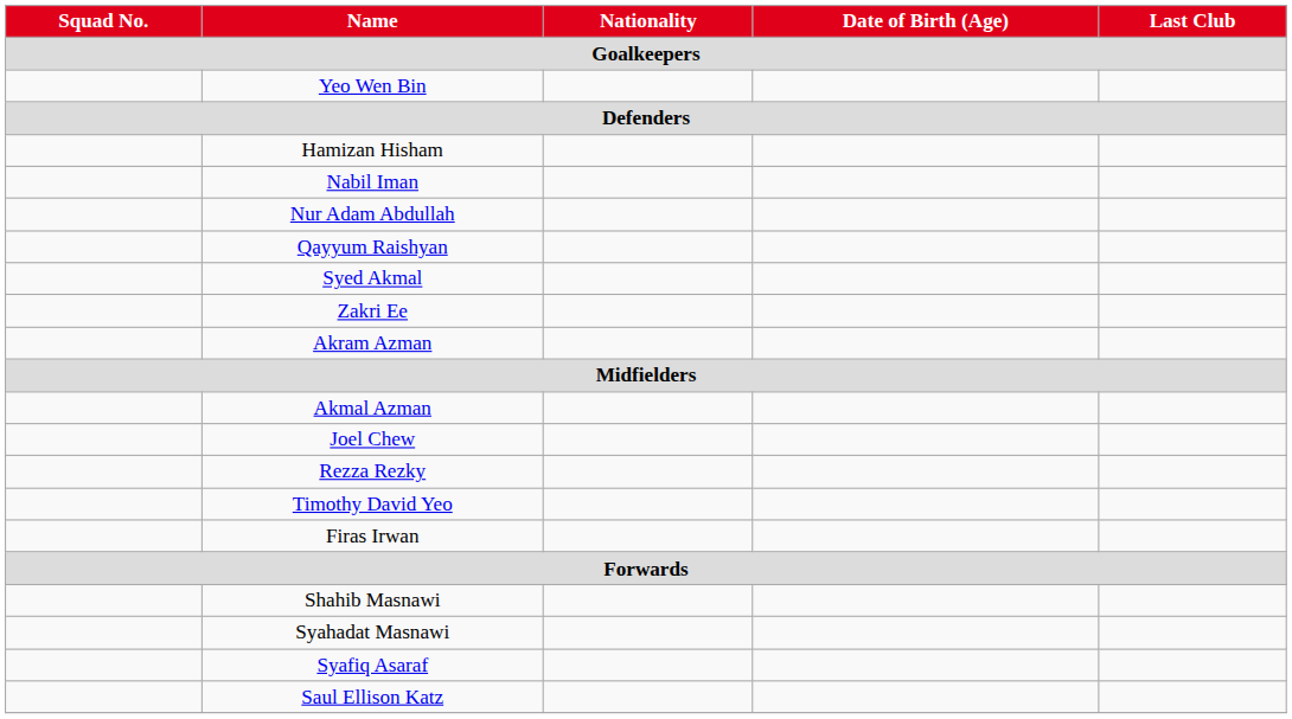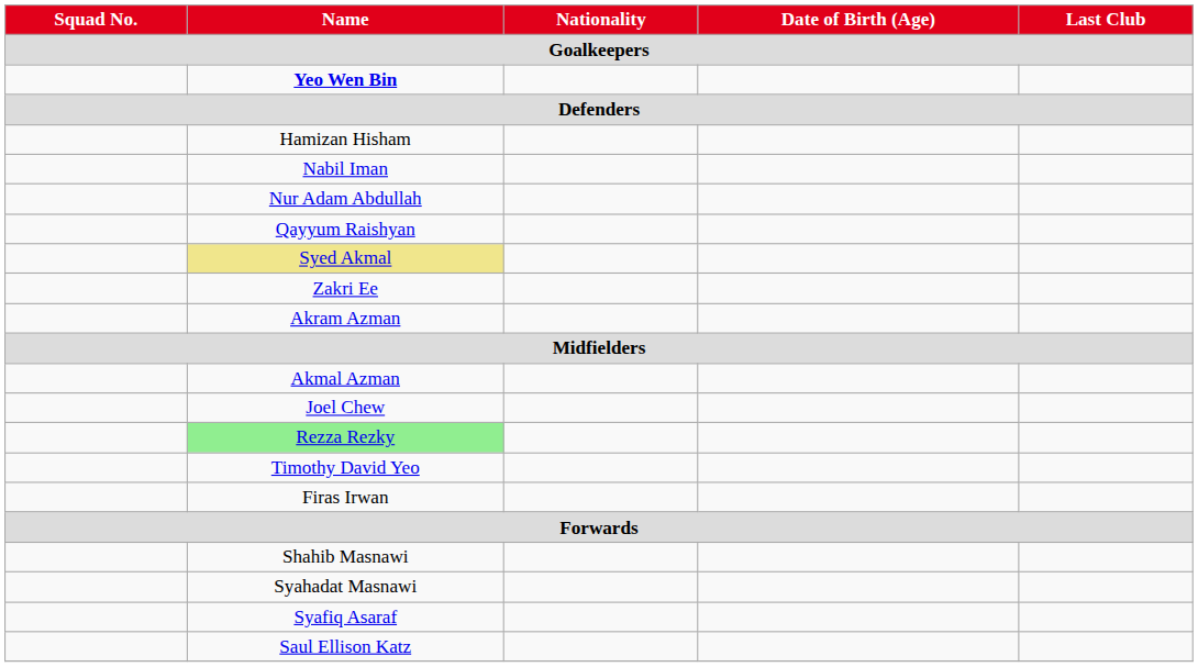 <table class="wikitable" style="text-align:center; font-size:100%; width:80%;">
 <tr>
 <th style="background:#e1001a; color:white; text-align:center;">Squad No.</th>
 <th style="background:#e1001a; color:white; text-align:center;">Name</th>
 <th style="background:#e1001a; color:white; text-align:center;">Nationality</th>
 <th style="background:#e1001a; color:white; text-align:center;">Date of Birth (Age)</th>
 <th style="background:#e1001a; color:white; text-align:center;">Last Club</th>
 </tr>
 <tr>
 <th colspan="6" style="background:#dcdcdc; text-align:center">Goalkeepers</th>
 </tr>
 <tr>
 <td></td>
-<td><a href='#'>Yeo Wen Bin</a></td>
+<td><strong><a href='#'>Yeo Wen Bin</a></strong></td>
 <td></td>
 <td></td>
 <td></td>
 </tr>
 <tr>
 <th colspan="6" style="background:#dcdcdc; text-align:center">Defenders</th>
 </tr>
 <tr>
 <td></td>
 <td>Hamizan Hisham</td>
 <td></td>
 <td></td>
 <td></td>
 </tr>
 <tr>
 <td></td>
 <td><a href='#'>Nabil Iman</a></td>
 <td></td>
 <td></td>
 <td></td>
 </tr>
 <tr>
 <td></td>
 <td><a href='#'>Nur Adam Abdullah</a></td>
 <td></td>
 <td></td>
 <td></td>
 </tr>
 <tr>
 <td></td>
 <td><a href='#'>Qayyum Raishyan</a></td>
 <td></td>
 <td></td>
 <td></td>
 </tr>
 <tr>
 <td></td>
-<td><a href='#'>Syed Akmal</a></td>
+<td style="background: khaki;"><a href='#'>Syed Akmal</a></td>
 <td></td>
 <td></td>
 <td></td>
 </tr>
 <tr>
 <td></td>
 <td><a href='#'>Zakri Ee</a></td>
 <td></td>
 <td></td>
 <td></td>
 </tr>
 <tr>
 <td></td>
 <td><a href='#'>Akram Azman</a></td>
 <td></td>
 <td></td>
 <td></td>
 </tr>
 <tr>
 <th colspan="6" style="background:#dcdcdc; text-align:center">Midfielders</th>
 </tr>
 <tr>
 <td></td>
 <td><a href='#'>Akmal Azman</a></td>
 <td></td>
 <td></td>
 <td></td>
 </tr>
 <tr>
 <td></td>
 <td><a href='#'>Joel Chew</a></td>
 <td></td>
 <td></td>
 <td></td>
 </tr>
 <tr>
 <td></td>
-<td><a href='#'>Rezza Rezky</a></td>
+<td style="background: lightgreen;"><a href='#'>Rezza Rezky</a></td>
 <td></td>
 <td></td>
 <td></td>
 </tr>
 <tr>
 <td></td>
 <td><a href='#'>Timothy David Yeo</a></td>
 <td></td>
 <td></td>
 <td></td>
 </tr>
 <tr>
 <td></td>
 <td>Firas Irwan</td>
 <td></td>
 <td></td>
 <td></td>
 </tr>
 <tr>
 <th colspan="6" style="background:#dcdcdc; text-align:center">Forwards</th>
 </tr>
 <tr>
 <td></td>
 <td>Shahib Masnawi</td>
 <td></td>
 <td></td>
 <td></td>
 </tr>
 <tr>
 <td></td>
 <td>Syahadat Masnawi</td>
 <td></td>
 <td></td>
 <td></td>
 </tr>
 <tr>
 <td></td>
 <td><a href='#'>Syafiq Asaraf</a></td>
 <td></td>
 <td></td>
 <td></td>
 </tr>
 <tr>
 <td></td>
 <td><a href='#'>Saul Ellison Katz</a></td>
 <td></td>
 <td></td>
 <td></td>
 </tr>
 <tr>
 </tr>
 </table>
